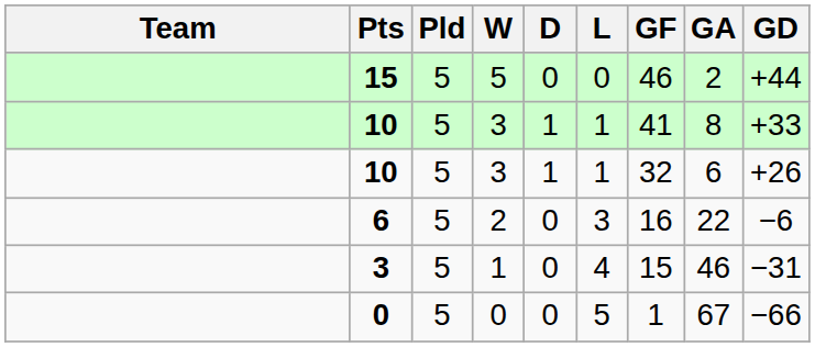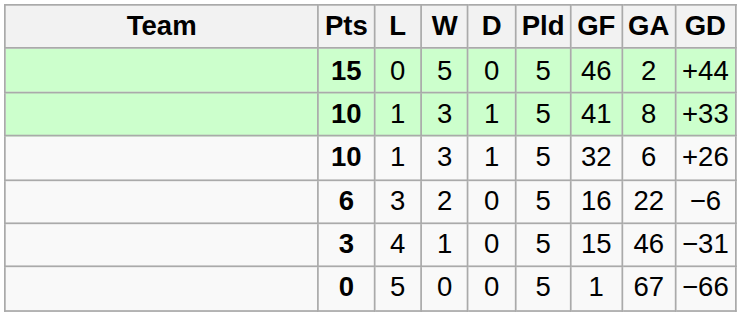 <table class=wikitable style="text-align:center">
 <tr>
 <th width=175>Team</th>
 <th width=20>Pts</th>
-<th width=20>Pld</th>
+<th width=20>L</th>
 <th width=20>W</th>
 <th width=20>D</th>
-<th width=20>L</th>
+<th width=20>Pld</th>
 <th width=20>GF</th>
 <th width=20>GA</th>
 <th width=20>GD</th>
 </tr>
 <tr style="background:#cfc;">
 <td style="text-align:left"></td>
 <td><strong>15</strong></td>
-<td>5</td>
+<td>0</td>
 <td>5</td>
 <td>0</td>
-<td>0</td>
+<td>5</td>
 <td>46</td>
 <td>2</td>
 <td>+44</td>
 </tr>
 <tr style="background:#cfc;">
 <td style="text-align:left"></td>
 <td><strong>10</strong></td>
-<td>5</td>
+<td>1</td>
 <td>3</td>
 <td>1</td>
-<td>1</td>
+<td>5</td>
 <td>41</td>
 <td>8</td>
 <td>+33</td>
 </tr>
 <tr>
 <td style="text-align:left"></td>
 <td><strong>10</strong></td>
-<td>5</td>
+<td>1</td>
 <td>3</td>
 <td>1</td>
-<td>1</td>
+<td>5</td>
 <td>32</td>
 <td>6</td>
 <td>+26</td>
 </tr>
 <tr>
 <td style="text-align:left"></td>
 <td><strong>6</strong></td>
-<td>5</td>
+<td>3</td>
 <td>2</td>
 <td>0</td>
-<td>3</td>
+<td>5</td>
 <td>16</td>
 <td>22</td>
 <td>−6</td>
 </tr>
 <tr>
 <td style="text-align:left"></td>
 <td><strong>3</strong></td>
-<td>5</td>
+<td>4</td>
 <td>1</td>
 <td>0</td>
-<td>4</td>
+<td>5</td>
 <td>15</td>
 <td>46</td>
 <td>−31</td>
 </tr>
 <tr>
 <td style="text-align:left"></td>
 <td><strong>0</strong></td>
 <td>5</td>
 <td>0</td>
 <td>0</td>
 <td>5</td>
 <td>1</td>
 <td>67</td>
 <td>−66</td>
 </tr>
 </table>
